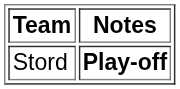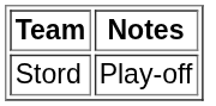 <table border="1" cellpadding="2">
 <tr>
 <th>Team</th>
 <th>Notes</th>
 </tr>
 <tr>
 <td>Stord</td>
-<td><strong>Play-off</strong></td>
+<td>Play-off</td>
 </tr>
 </table>
